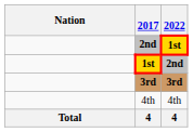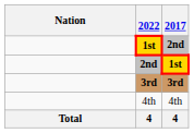 <table class="wikitable" style="text-align:center; font-size:90%">
 <tr>
 <th width=170>Nation</th>
+<th><br><a href='#'>2022</a></th>
 <th><br><a href='#'>2017</a></th>
-<th><br><a href='#'>2022</a></th>
+</tr>
+<tr>
+<td align=left></td>
+<td style="border: 3px solid red" bgcolor=gold><strong>1st</strong></td>
+<td bgcolor=silver><strong>2nd</strong></td>
 </tr>
 <tr>
 <td align=left></td>
 <td bgcolor=silver><strong>2nd</strong></td>
 <td style="border: 3px solid red" bgcolor=gold><strong>1st</strong></td>
-</tr>
-<tr>
-<td align=left></td>
-<td style="border: 3px solid red" bgcolor=gold><strong>1st</strong></td>
-<td bgcolor=silver><strong>2nd</strong></td>
 </tr>
 <tr>
 <td align=left></td>
 <td bgcolor=#cc9966><strong>3rd</strong></td>
 <td bgcolor=#cc9966><strong>3rd</strong></td>
 </tr>
 <tr>
 <td align=left></td>
 <td>4th</td>
 <td>4th</td>
 </tr>
 <tr>
 <th>Total</th>
 <th>4</th>
 <th>4</th>
 </tr>
 </table>
